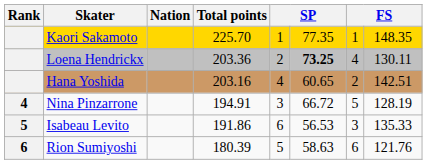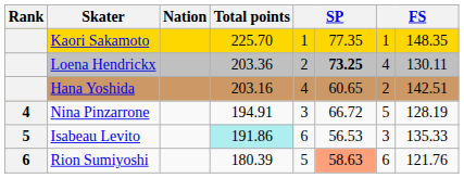 <table class="wikitable sortable" style="text-align:left">
 <tr>
 <th scope="col">Rank</th>
 <th scope="col">Skater</th>
 <th scope="col">Nation</th>
 <th scope="col">Total points</th>
 <th scope="col" colspan="2" width="80px"><a href='#'>SP</a></th>
 <th scope="col" colspan="2" width="80px"><a href='#'>FS</a></th>
 </tr>
 <tr bgcolor="gold">
 <th scope="row"></th>
 <td><a href='#'>Kaori Sakamoto</a></td>
 <td></td>
 <td align="center">225.70</td>
 <td align="center">1</td>
 <td align="center">77.35</td>
 <td align="center">1</td>
 <td align="center">148.35</td>
 </tr>
 <tr bgcolor="silver">
 <th scope="row"></th>
 <td><a href='#'>Loena Hendrickx</a></td>
 <td></td>
 <td align="center">203.36</td>
 <td align="center">2</td>
 <td align="center"><strong>73.25</strong></td>
 <td align="center">4</td>
 <td align="center">130.11</td>
 </tr>
 <tr bgcolor="cc9966">
 <th scope="row"></th>
 <td><a href='#'>Hana Yoshida</a></td>
 <td></td>
 <td align="center">203.16</td>
 <td align="center">4</td>
 <td align="center">60.65</td>
 <td align="center">2</td>
 <td align="center">142.51</td>
 </tr>
 <tr>
 <th scope="row">4</th>
 <td><a href='#'>Nina Pinzarrone</a></td>
 <td></td>
 <td align="center">194.91</td>
 <td align="center">3</td>
 <td align="center">66.72</td>
 <td align="center">5</td>
 <td align="center">128.19</td>
 </tr>
 <tr>
 <th scope="row">5</th>
 <td><a href='#'>Isabeau Levito</a></td>
 <td></td>
-<td align="center">191.86</td>
+<td align="center" style="background: paleturquoise;">191.86</td>
 <td align="center">6</td>
 <td align="center">56.53</td>
 <td align="center">3</td>
 <td align="center">135.33</td>
 </tr>
 <tr>
 <th scope="row">6</th>
 <td><a href='#'>Rion Sumiyoshi</a></td>
 <td></td>
 <td align="center">180.39</td>
 <td align="center">5</td>
-<td align="center">58.63</td>
+<td align="center" style="background: lightsalmon;">58.63</td>
 <td align="center">6</td>
 <td align="center">121.76</td>
 </tr>
 </table>
